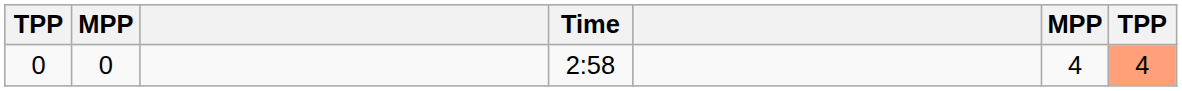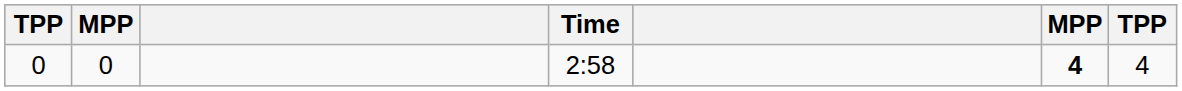 <table class="wikitable" style="text-align: center;" |>
 <tr>
 <th width="35">TPP</th>
 <th width="35">MPP</th>
 <th width="250"></th>
 <th width="45">Time</th>
 <th width="250"></th>
 <th width="35">MPP</th>
 <th width="35">TPP</th>
 </tr>
 <tr>
 <td>0</td>
 <td>0</td>
 <td style="text-align:left;"><strong></strong></td>
 <td>2:58</td>
 <td style="text-align:left;"></td>
+<td><strong>4</strong></td>
 <td>4</td>
-<td style="background: lightsalmon;">4</td>
 </tr>
 </table>
